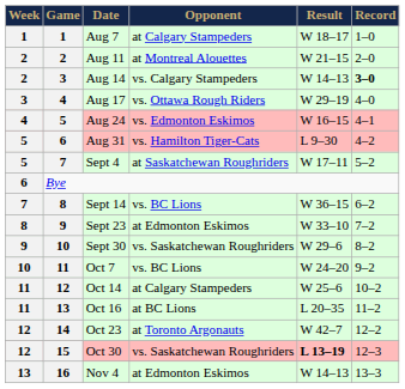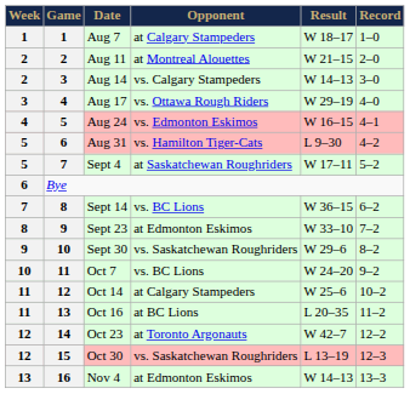 <table class="wikitable sortable sortable">
 <tr>
 <th style="background:#13264B;color:#C9AF74;">Week</th>
 <th style="background:#13264B;color:#C9AF74;">Game</th>
 <th style="background:#13264B;color:#C9AF74;">Date</th>
 <th style="background:#13264B;color:#C9AF74;">Opponent</th>
 <th style="background:#13264B;color:#C9AF74;">Result</th>
 <th style="background:#13264B;color:#C9AF74;">Record</th>
 </tr>
 <tr style="background:#ddffdd">
 <th>1</th>
 <th>1</th>
 <td>Aug 7</td>
 <td>at <a href='#'>Calgary Stampeders</a></td>
 <td>W 18–17</td>
 <td>1–0</td>
 </tr>
 <tr style="background:#ddffdd">
 <th>2</th>
 <th>2</th>
 <td>Aug 11</td>
 <td>at <a href='#'>Montreal Alouettes</a></td>
 <td>W 21–15</td>
 <td>2–0</td>
 </tr>
 <tr style="background:#ddffdd">
 <th>2</th>
 <th>3</th>
 <td>Aug 14</td>
 <td>vs. Calgary Stampeders</td>
 <td>W 14–13</td>
-<td><strong>3–0</strong></td>
+<td>3–0</td>
 </tr>
 <tr style="background:#ddffdd">
 <th>3</th>
 <th>4</th>
 <td>Aug 17</td>
 <td>vs. <a href='#'>Ottawa Rough Riders</a></td>
 <td>W 29–19</td>
 <td>4–0</td>
 </tr>
 <tr style="background:#ffbbbb">
 <th>4</th>
 <th>5</th>
 <td>Aug 24</td>
 <td>vs. <a href='#'>Edmonton Eskimos</a></td>
 <td>W 16–15</td>
 <td>4–1</td>
 </tr>
 <tr style="background:#ffbbbb">
 <th>5</th>
 <th>6</th>
 <td>Aug 31</td>
 <td>vs. <a href='#'>Hamilton Tiger-Cats</a></td>
 <td>L 9–30</td>
 <td>4–2</td>
 </tr>
 <tr style="background:#ddffdd">
 <th>5</th>
 <th>7</th>
 <td>Sept 4</td>
 <td>at <a href='#'>Saskatchewan Roughriders</a></td>
 <td>W 17–11</td>
 <td>5–2</td>
 </tr>
 <tr>
 <th>6</th>
 <td colspan=7><em><a href='#'>Bye</a></em></td>
 </tr>
 <tr style="background:#ddffdd">
 <th>7</th>
 <th>8</th>
 <td>Sept 14</td>
 <td>vs. <a href='#'>BC Lions</a></td>
 <td>W 36–15</td>
 <td>6–2</td>
 </tr>
 <tr style="background:#ddffdd">
 <th>8</th>
 <th>9</th>
 <td>Sept 23</td>
 <td>at Edmonton Eskimos</td>
 <td>W 33–10</td>
 <td>7–2</td>
 </tr>
 <tr style="background:#ddffdd">
 <th>9</th>
 <th>10</th>
 <td>Sept 30</td>
 <td>vs. Saskatchewan Roughriders</td>
 <td>W 29–6</td>
 <td>8–2</td>
 </tr>
 <tr style="background:#ddffdd">
 <th>10</th>
 <th>11</th>
 <td>Oct 7</td>
 <td>vs. BC Lions</td>
 <td>W 24–20</td>
 <td>9–2</td>
 </tr>
 <tr style="background:#ddffdd">
 <th>11</th>
 <th>12</th>
 <td>Oct 14</td>
 <td>at Calgary Stampeders</td>
 <td>W 25–6</td>
 <td>10–2</td>
 </tr>
 <tr style="background:#ddffdd">
 <th>11</th>
 <th>13</th>
 <td>Oct 16</td>
 <td>at BC Lions</td>
 <td>L 20–35</td>
 <td>11–2</td>
 </tr>
 <tr style="background:#ddffdd">
 <th>12</th>
 <th>14</th>
 <td>Oct 23</td>
 <td>at <a href='#'>Toronto Argonauts</a></td>
 <td>W 42–7</td>
 <td>12–2</td>
 </tr>
 <tr style="background:#ffbbbb">
 <th>12</th>
 <th>15</th>
 <td>Oct 30</td>
 <td>vs. Saskatchewan Roughriders</td>
-<td><strong>L 13–19</strong></td>
+<td>L 13–19</td>
 <td>12–3</td>
 </tr>
 <tr style="background:#ddffdd">
 <th>13</th>
 <th>16</th>
 <td>Nov 4</td>
 <td>at Edmonton Eskimos</td>
 <td>W 14–13</td>
 <td>13–3</td>
 </tr>
 </table>
